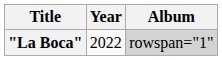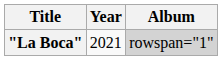 <table class="wikitable plainrowheaders" style="text-align:center;">
 <tr>
 <th scope="col" rowspan="1">Title</th>
 <th scope="col" rowspan="1">Year</th>
 <th scope="col" rowspan="1">Album</th>
 </tr>
 <tr>
 <th scope="row">"La Boca"<br></th>
-<td>2022</td>
+<td>2021</td>
 <td style="background: lightgrey;">rowspan="1" </td>
 </tr>
 <tr>
 </tr>
 </table>
